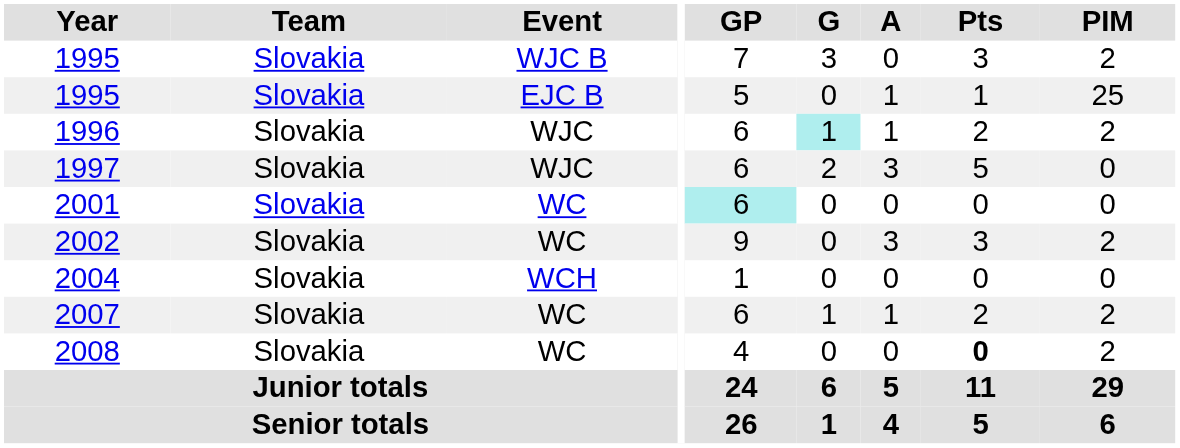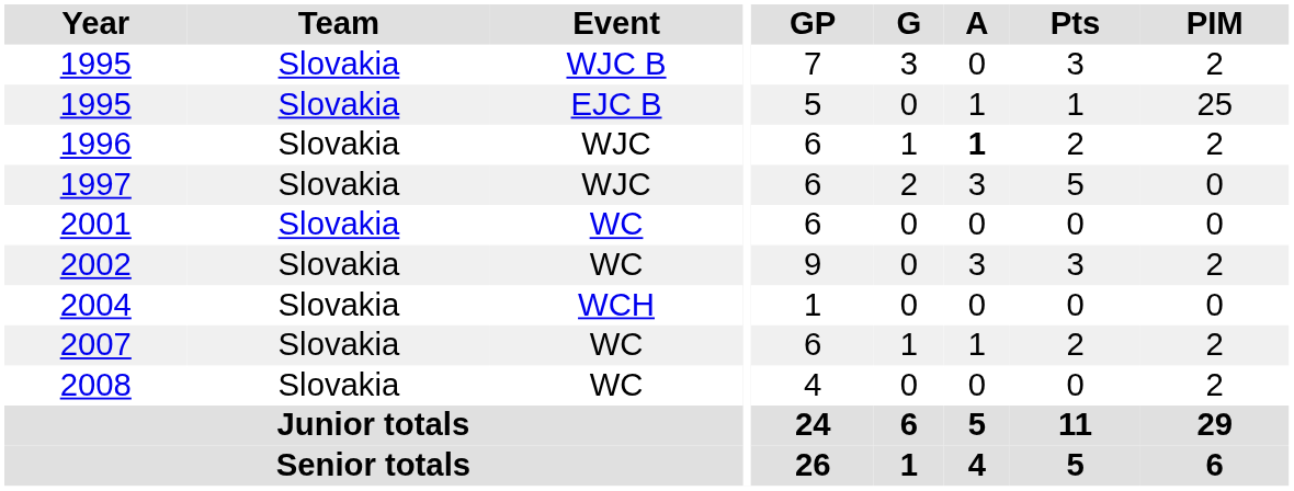 <table border="0" cellpadding="1" cellspacing="0" ID="Table3" style="text-align:center; width:40em">
 <tr bgcolor="#e0e0e0">
 <th>Year</th>
 <th>Team</th>
 <th>Event</th>
 <th rowspan="102" bgcolor="#ffffff"></th>
 <th>GP</th>
 <th>G</th>
 <th>A</th>
 <th>Pts</th>
 <th>PIM</th>
 </tr>
 <tr>
 <td><a href='#'>1995</a></td>
 <td><a href='#'>Slovakia</a></td>
 <td><a href='#'>WJC B</a></td>
 <td>7</td>
 <td>3</td>
 <td>0</td>
 <td>3</td>
 <td>2</td>
 </tr>
 <tr bgcolor="#f0f0f0">
 <td><a href='#'>1995</a></td>
 <td><a href='#'>Slovakia</a></td>
 <td><a href='#'>EJC B</a></td>
 <td>5</td>
 <td>0</td>
 <td>1</td>
 <td>1</td>
 <td>25</td>
 </tr>
 <tr>
 <td><a href='#'>1996</a></td>
 <td>Slovakia</td>
 <td>WJC</td>
 <td>6</td>
-<td style="background: paleturquoise;">1</td>
 <td>1</td>
+<td><strong>1</strong></td>
 <td>2</td>
 <td>2</td>
 </tr>
 <tr bgcolor="#f0f0f0">
 <td><a href='#'>1997</a></td>
 <td>Slovakia</td>
 <td>WJC</td>
 <td>6</td>
 <td>2</td>
 <td>3</td>
 <td>5</td>
 <td>0</td>
 </tr>
 <tr>
 <td><a href='#'>2001</a></td>
 <td><a href='#'>Slovakia</a></td>
 <td><a href='#'>WC</a></td>
-<td style="background: paleturquoise;">6</td>
+<td>6</td>
 <td>0</td>
 <td>0</td>
 <td>0</td>
 <td>0</td>
 </tr>
 <tr bgcolor="#f0f0f0">
 <td><a href='#'>2002</a></td>
 <td>Slovakia</td>
 <td>WC</td>
 <td>9</td>
 <td>0</td>
 <td>3</td>
 <td>3</td>
 <td>2</td>
 </tr>
 <tr>
 <td><a href='#'>2004</a></td>
 <td>Slovakia</td>
 <td><a href='#'>WCH</a></td>
 <td>1</td>
 <td>0</td>
 <td>0</td>
 <td>0</td>
 <td>0</td>
 </tr>
 <tr bgcolor="#f0f0f0">
 <td><a href='#'>2007</a></td>
 <td>Slovakia</td>
 <td>WC</td>
 <td>6</td>
 <td>1</td>
 <td>1</td>
 <td>2</td>
 <td>2</td>
 </tr>
 <tr>
 <td><a href='#'>2008</a></td>
 <td>Slovakia</td>
 <td>WC</td>
 <td>4</td>
 <td>0</td>
 <td>0</td>
-<td><strong>0</strong></td>
+<td>0</td>
 <td>2</td>
 </tr>
 <tr bgcolor="#e0e0e0">
 <th colspan="3">Junior totals</th>
 <th>24</th>
 <th>6</th>
 <th>5</th>
 <th>11</th>
 <th>29</th>
 </tr>
 <tr bgcolor="#e0e0e0">
 <th colspan="3">Senior totals</th>
 <th>26</th>
 <th>1</th>
 <th>4</th>
 <th>5</th>
 <th>6</th>
 </tr>
 </table>
